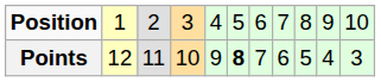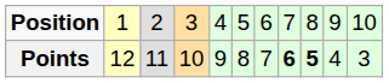 <table class="wikitable" style="text-align:center;">
 <tr>
 <td scope=row><strong>Position</strong></td>
 <td bgcolor="#ffffbf">1</td>
 <td bgcolor="#dfdfdf">2</td>
 <td bgcolor="#ffdf9f">3</td>
 <td bgcolor="#dfffdf">4</td>
 <td bgcolor="#dfffdf">5</td>
 <td bgcolor="#dfffdf">6</td>
 <td bgcolor="#dfffdf">7</td>
 <td bgcolor="#dfffdf">8</td>
 <td bgcolor="#dfffdf">9</td>
 <td bgcolor="#dfffdf">10</td>
 </tr>
 <tr>
 <th scope=row>Points</th>
 <td bgcolor="#ffffbf">12</td>
 <td bgcolor="#dfdfdf">11</td>
 <td bgcolor="#ffdf9f">10</td>
 <td bgcolor="#dfffdf">9</td>
-<td bgcolor="#dfffdf"><strong>8</strong></td>
+<td bgcolor="#dfffdf">8</td>
 <td bgcolor="#dfffdf">7</td>
-<td bgcolor="#dfffdf">6</td>
-<td bgcolor="#dfffdf">5</td>
+<td bgcolor="#dfffdf"><strong>6</strong></td>
+<td bgcolor="#dfffdf"><strong>5</strong></td>
 <td bgcolor="#dfffdf">4</td>
 <td bgcolor="#dfffdf">3</td>
 </tr>
 </table>
